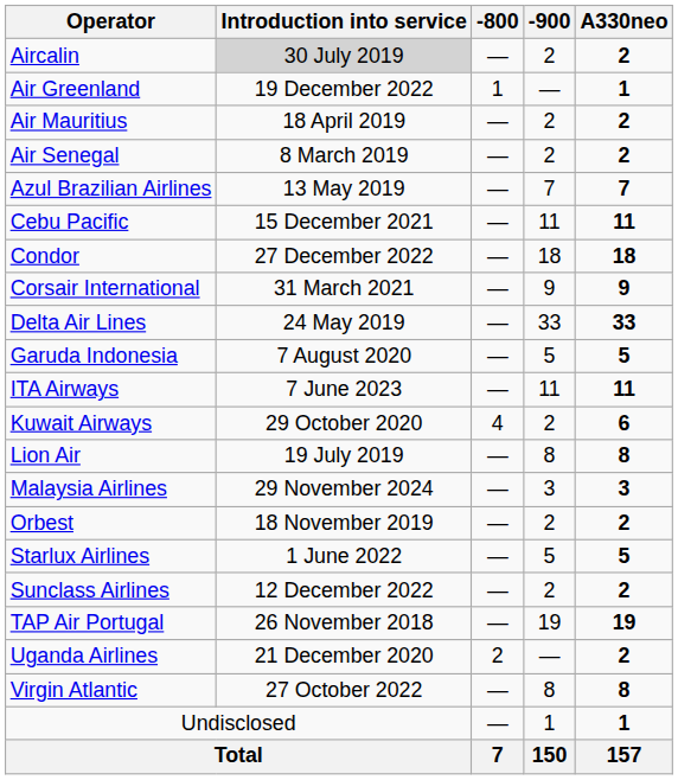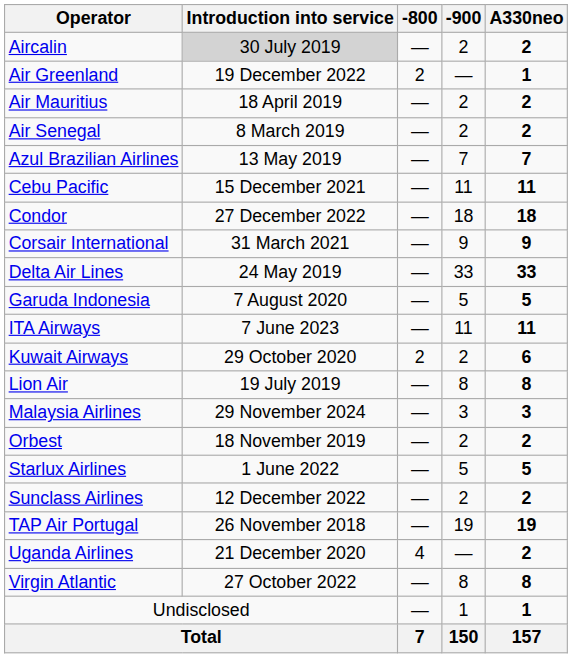 <table class="wikitable sortable" style="text-align:center;">
 <tr>
 <th>Operator</th>
 <th>Introduction into service</th>
 <th>-800</th>
 <th>-900</th>
 <th>A330neo</th>
 </tr>
 <tr>
 <td style="text-align:left;"><a href='#'>Aircalin</a></td>
 <td style="background: lightgrey;">30 July 2019</td>
 <td>—</td>
 <td>2</td>
 <td><strong>2</strong></td>
 </tr>
 <tr>
 <td style="text-align:left;"><a href='#'>Air Greenland</a></td>
 <td>19 December 2022</td>
-<td>1</td>
+<td>2</td>
 <td>—</td>
 <td><strong>1</strong></td>
 </tr>
 <tr>
 <td style="text-align:left;"><a href='#'>Air Mauritius</a></td>
 <td>18 April 2019</td>
 <td>—</td>
 <td>2</td>
 <td><strong>2</strong></td>
 </tr>
 <tr>
 <td style="text-align:left;"><a href='#'>Air Senegal</a></td>
 <td>8 March 2019</td>
 <td>—</td>
 <td>2</td>
 <td><strong>2</strong></td>
 </tr>
 <tr>
 <td style="text-align:left;"><a href='#'>Azul Brazilian Airlines</a></td>
 <td>13 May 2019</td>
 <td>—</td>
 <td>7</td>
 <td><strong>7</strong></td>
 </tr>
 <tr>
 <td style="text-align:left;"><a href='#'>Cebu Pacific</a></td>
 <td>15 December 2021</td>
 <td>—</td>
 <td>11</td>
 <td><strong>11</strong></td>
 </tr>
 <tr>
 <td style="text-align:left;"><a href='#'>Condor</a></td>
 <td>27 December 2022</td>
 <td>—</td>
 <td>18</td>
 <td><strong>18</strong></td>
 </tr>
 <tr>
 <td style="text-align:left;"><a href='#'>Corsair International</a></td>
 <td>31 March 2021</td>
 <td>—</td>
 <td>9</td>
 <td><strong>9</strong></td>
 </tr>
 <tr>
 <td style="text-align:left;"><a href='#'>Delta Air Lines</a></td>
 <td>24 May 2019</td>
 <td>—</td>
 <td>33</td>
 <td><strong>33</strong></td>
 </tr>
 <tr>
 <td style="text-align:left;"><a href='#'>Garuda Indonesia</a></td>
 <td>7 August 2020</td>
 <td>—</td>
 <td>5</td>
 <td><strong>5</strong></td>
 </tr>
 <tr>
 <td style="text-align:left;"><a href='#'>ITA Airways</a></td>
 <td>7 June 2023</td>
 <td>—</td>
 <td>11</td>
 <td><strong>11</strong></td>
 </tr>
 <tr>
 <td style="text-align:left;"><a href='#'>Kuwait Airways</a></td>
 <td>29 October 2020</td>
-<td>4</td>
+<td>2</td>
 <td>2</td>
 <td><strong>6</strong></td>
 </tr>
 <tr>
 <td style="text-align:left;"><a href='#'>Lion Air</a></td>
 <td>19 July 2019</td>
 <td>—</td>
 <td>8</td>
 <td><strong>8</strong></td>
 </tr>
 <tr>
 <td style="text-align:left;"><a href='#'>Malaysia Airlines</a></td>
 <td>29 November 2024</td>
 <td>—</td>
 <td>3</td>
 <td><strong>3</strong></td>
 </tr>
 <tr>
 <td style="text-align:left;"><a href='#'>Orbest</a></td>
 <td>18 November 2019</td>
 <td>—</td>
 <td>2</td>
 <td><strong>2</strong></td>
 </tr>
 <tr>
 <td style="text-align:left;"><a href='#'>Starlux Airlines</a></td>
 <td>1 June 2022</td>
 <td>—</td>
 <td>5</td>
 <td><strong>5</strong></td>
 </tr>
 <tr>
 <td style="text-align:left;"><a href='#'>Sunclass Airlines</a></td>
 <td>12 December 2022</td>
 <td>—</td>
 <td>2</td>
 <td><strong>2</strong></td>
 </tr>
 <tr>
 <td style="text-align:left;"><a href='#'>TAP Air Portugal</a></td>
 <td>26 November 2018</td>
 <td>—</td>
 <td>19</td>
 <td><strong>19</strong></td>
 </tr>
 <tr>
 <td style="text-align:left;"><a href='#'>Uganda Airlines</a></td>
 <td>21 December 2020</td>
-<td>2</td>
+<td>4</td>
 <td>—</td>
 <td><strong>2</strong></td>
 </tr>
 <tr>
 <td style="text-align:left;"><a href='#'>Virgin Atlantic</a></td>
 <td>27 October 2022</td>
 <td>—</td>
 <td>8</td>
 <td><strong>8</strong></td>
 </tr>
 <tr>
 <td colspan="2">Undisclosed</td>
 <td>—</td>
 <td>1</td>
 <td><strong>1</strong></td>
 </tr>
 <tr>
 <th colspan="2">Total</th>
 <th>7</th>
 <th>150</th>
 <th>157</th>
 </tr>
 </table>
